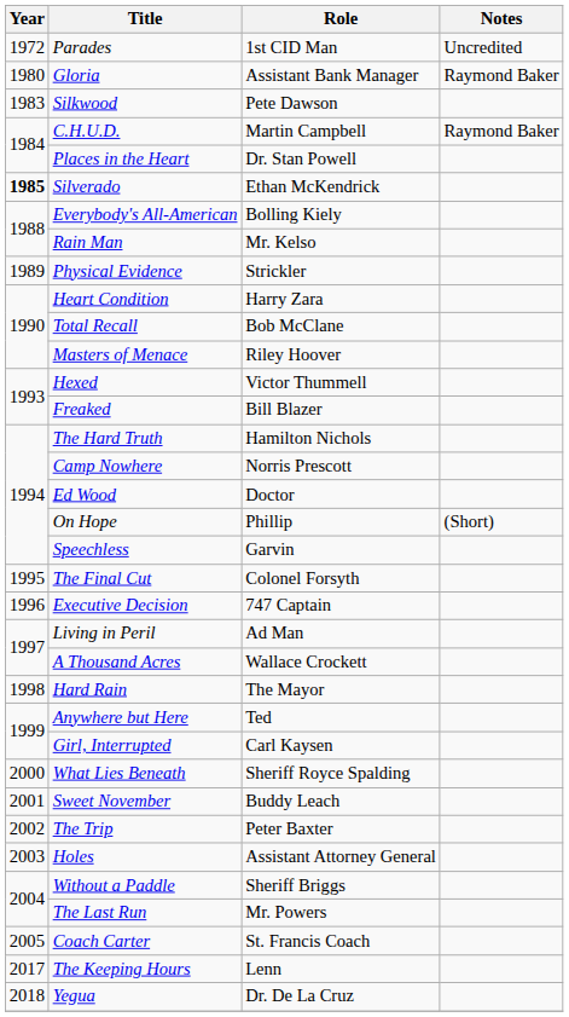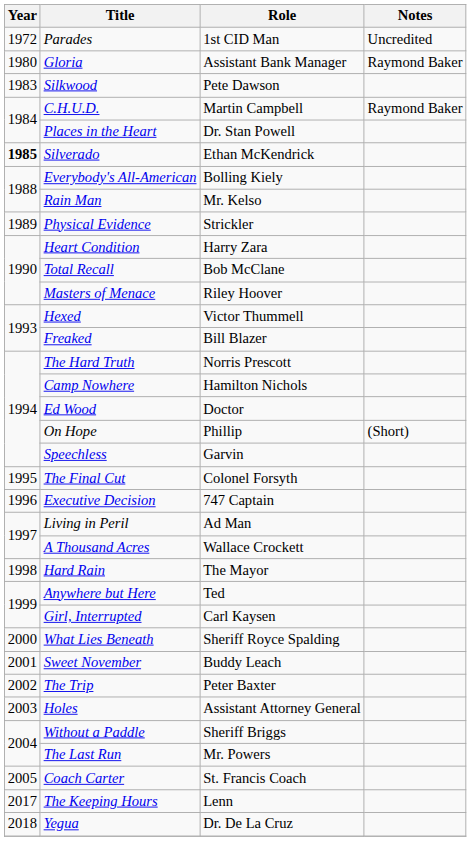 <table class="wikitable sortable">
 <tr>
 <th>Year</th>
 <th>Title</th>
 <th>Role</th>
 <th class="unsortable">Notes</th>
 </tr>
 <tr>
 <td>1972</td>
 <td><em>Parades</em></td>
 <td>1st CID Man</td>
 <td>Uncredited</td>
 </tr>
 <tr>
 <td>1980</td>
 <td><em><a href='#'>Gloria</a></em></td>
 <td>Assistant Bank Manager</td>
 <td>Raymond Baker</td>
 </tr>
 <tr>
 <td>1983</td>
 <td><em><a href='#'>Silkwood</a></em></td>
 <td>Pete Dawson</td>
 <td></td>
 </tr>
 <tr>
 <td rowspan="2">1984</td>
 <td><em><a href='#'>C.H.U.D.</a></em></td>
 <td>Martin Campbell</td>
 <td>Raymond Baker</td>
 </tr>
 <tr>
 <td><em><a href='#'>Places in the Heart</a></em></td>
 <td>Dr. Stan Powell</td>
 <td></td>
 </tr>
 <tr>
 <td><strong>1985</strong></td>
 <td><em><a href='#'>Silverado</a></em></td>
 <td>Ethan McKendrick</td>
 <td></td>
 </tr>
 <tr>
 <td rowspan="2">1988</td>
 <td><em><a href='#'>Everybody's All-American</a></em></td>
 <td>Bolling Kiely</td>
 <td></td>
 </tr>
 <tr>
 <td><em><a href='#'>Rain Man</a></em></td>
 <td>Mr. Kelso</td>
 <td></td>
 </tr>
 <tr>
 <td>1989</td>
 <td><em><a href='#'>Physical Evidence</a></em></td>
 <td>Strickler</td>
 <td></td>
 </tr>
 <tr>
 <td rowspan="3">1990</td>
 <td><em><a href='#'>Heart Condition</a></em></td>
 <td>Harry Zara</td>
 <td></td>
 </tr>
 <tr>
 <td><em><a href='#'>Total Recall</a></em></td>
 <td>Bob McClane</td>
 <td></td>
 </tr>
 <tr>
 <td><em><a href='#'>Masters of Menace</a></em></td>
 <td>Riley Hoover</td>
 <td></td>
 </tr>
 <tr>
 <td rowspan="2">1993</td>
 <td><em><a href='#'>Hexed</a></em></td>
 <td>Victor Thummell</td>
 <td></td>
 </tr>
 <tr>
 <td><em><a href='#'>Freaked</a></em></td>
 <td>Bill Blazer</td>
 <td></td>
 </tr>
 <tr>
 <td rowspan="5">1994</td>
 <td><em><a href='#'>The Hard Truth</a></em></td>
-<td>Hamilton Nichols</td>
+<td>Norris Prescott</td>
 <td></td>
 </tr>
 <tr>
 <td><em><a href='#'>Camp Nowhere</a></em></td>
-<td>Norris Prescott</td>
+<td>Hamilton Nichols</td>
 <td></td>
 </tr>
 <tr>
 <td><em><a href='#'>Ed Wood</a></em></td>
 <td>Doctor</td>
 <td></td>
 </tr>
 <tr>
 <td><em>On Hope</em></td>
 <td>Phillip</td>
 <td>(Short)</td>
 </tr>
 <tr>
 <td><em><a href='#'>Speechless</a></em></td>
 <td>Garvin</td>
 <td></td>
 </tr>
 <tr>
 <td>1995</td>
 <td><em><a href='#'>The Final Cut</a></em></td>
 <td>Colonel Forsyth</td>
 <td></td>
 </tr>
 <tr>
 <td>1996</td>
 <td><em><a href='#'>Executive Decision</a></em></td>
 <td>747 Captain</td>
 <td></td>
 </tr>
 <tr>
 <td rowspan="2">1997</td>
 <td><em>Living in Peril</em></td>
 <td>Ad Man</td>
 <td></td>
 </tr>
 <tr>
 <td><em><a href='#'>A Thousand Acres</a></em></td>
 <td>Wallace Crockett</td>
 <td></td>
 </tr>
 <tr>
 <td>1998</td>
 <td><em><a href='#'>Hard Rain</a></em></td>
 <td>The Mayor</td>
 <td></td>
 </tr>
 <tr>
 <td rowspan="2">1999</td>
 <td><em><a href='#'>Anywhere but Here</a></em></td>
 <td>Ted</td>
 <td></td>
 </tr>
 <tr>
 <td><em><a href='#'>Girl, Interrupted</a></em></td>
 <td>Carl Kaysen</td>
 <td></td>
 </tr>
 <tr>
 <td>2000</td>
 <td><em><a href='#'>What Lies Beneath</a></em></td>
 <td>Sheriff Royce Spalding</td>
 <td></td>
 </tr>
 <tr>
 <td>2001</td>
 <td><em><a href='#'>Sweet November</a></em></td>
 <td>Buddy Leach</td>
 <td></td>
 </tr>
 <tr>
 <td>2002</td>
 <td><em><a href='#'>The Trip</a></em></td>
 <td>Peter Baxter</td>
 <td></td>
 </tr>
 <tr>
 <td>2003</td>
 <td><em><a href='#'>Holes</a></em></td>
 <td>Assistant Attorney General</td>
 <td></td>
 </tr>
 <tr>
 <td rowspan="2">2004</td>
 <td><em><a href='#'>Without a Paddle</a></em></td>
 <td>Sheriff Briggs</td>
 <td></td>
 </tr>
 <tr>
 <td><em><a href='#'>The Last Run</a></em></td>
 <td>Mr. Powers</td>
 <td></td>
 </tr>
 <tr>
 <td>2005</td>
 <td><em><a href='#'>Coach Carter</a></em></td>
 <td>St. Francis Coach</td>
 <td></td>
 </tr>
 <tr>
 <td>2017</td>
 <td><em><a href='#'>The Keeping Hours</a></em></td>
 <td>Lenn</td>
 <td></td>
 </tr>
 <tr>
 <td>2018</td>
 <td><em><a href='#'>Yegua</a></em></td>
 <td>Dr. De La Cruz</td>
 <td></td>
 </tr>
 <tr>
 </tr>
 </table>
